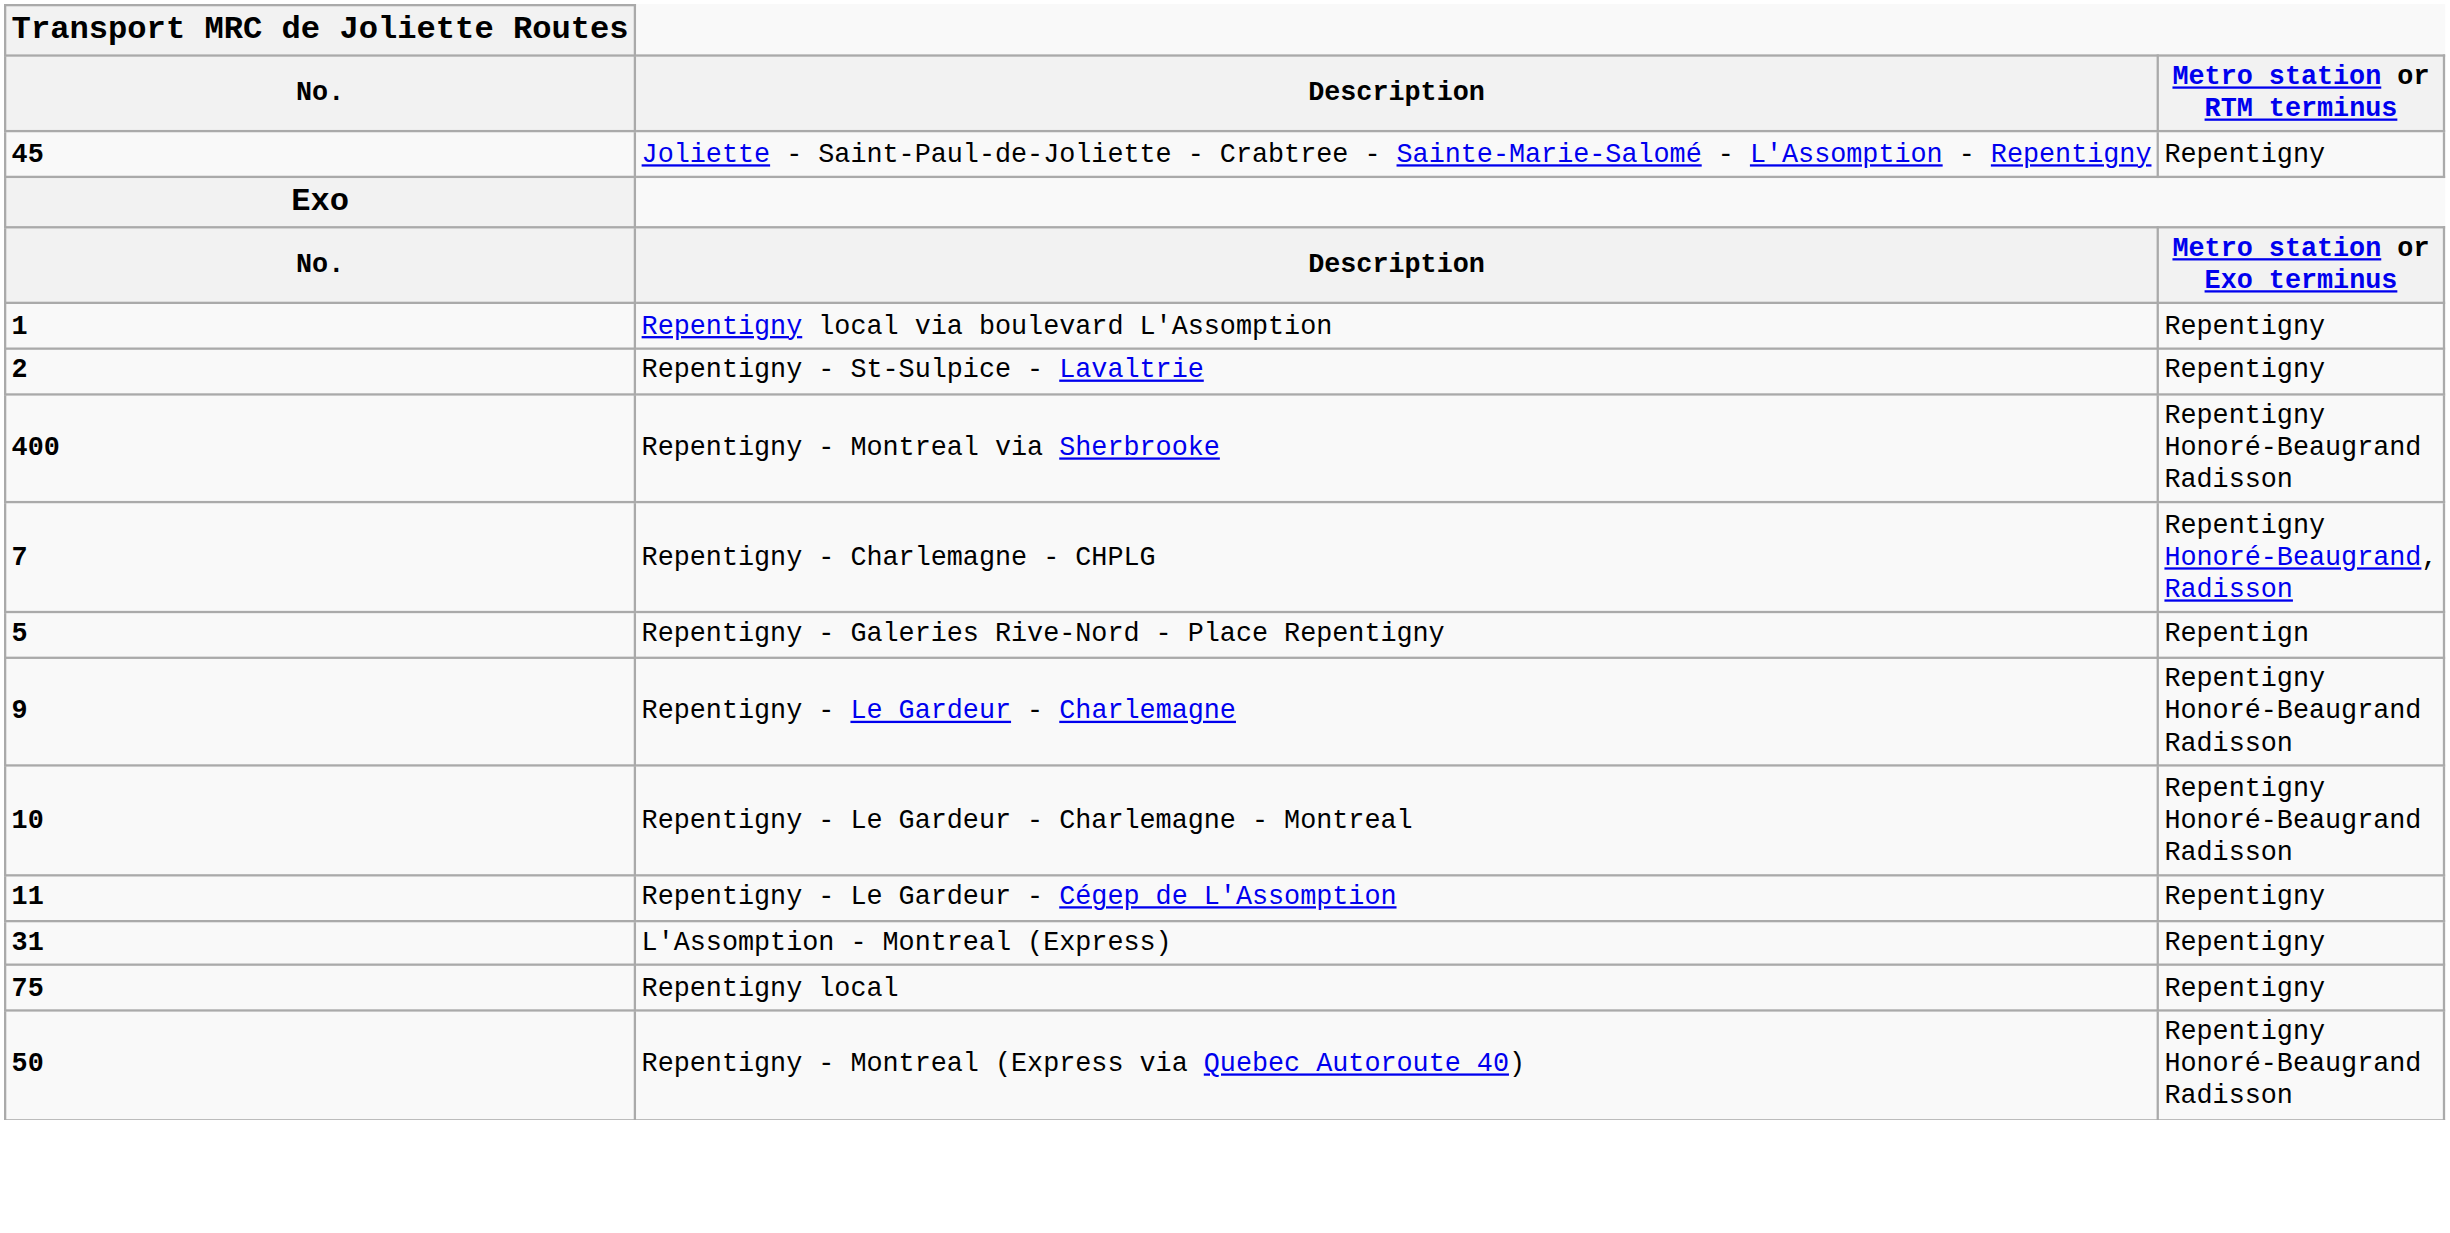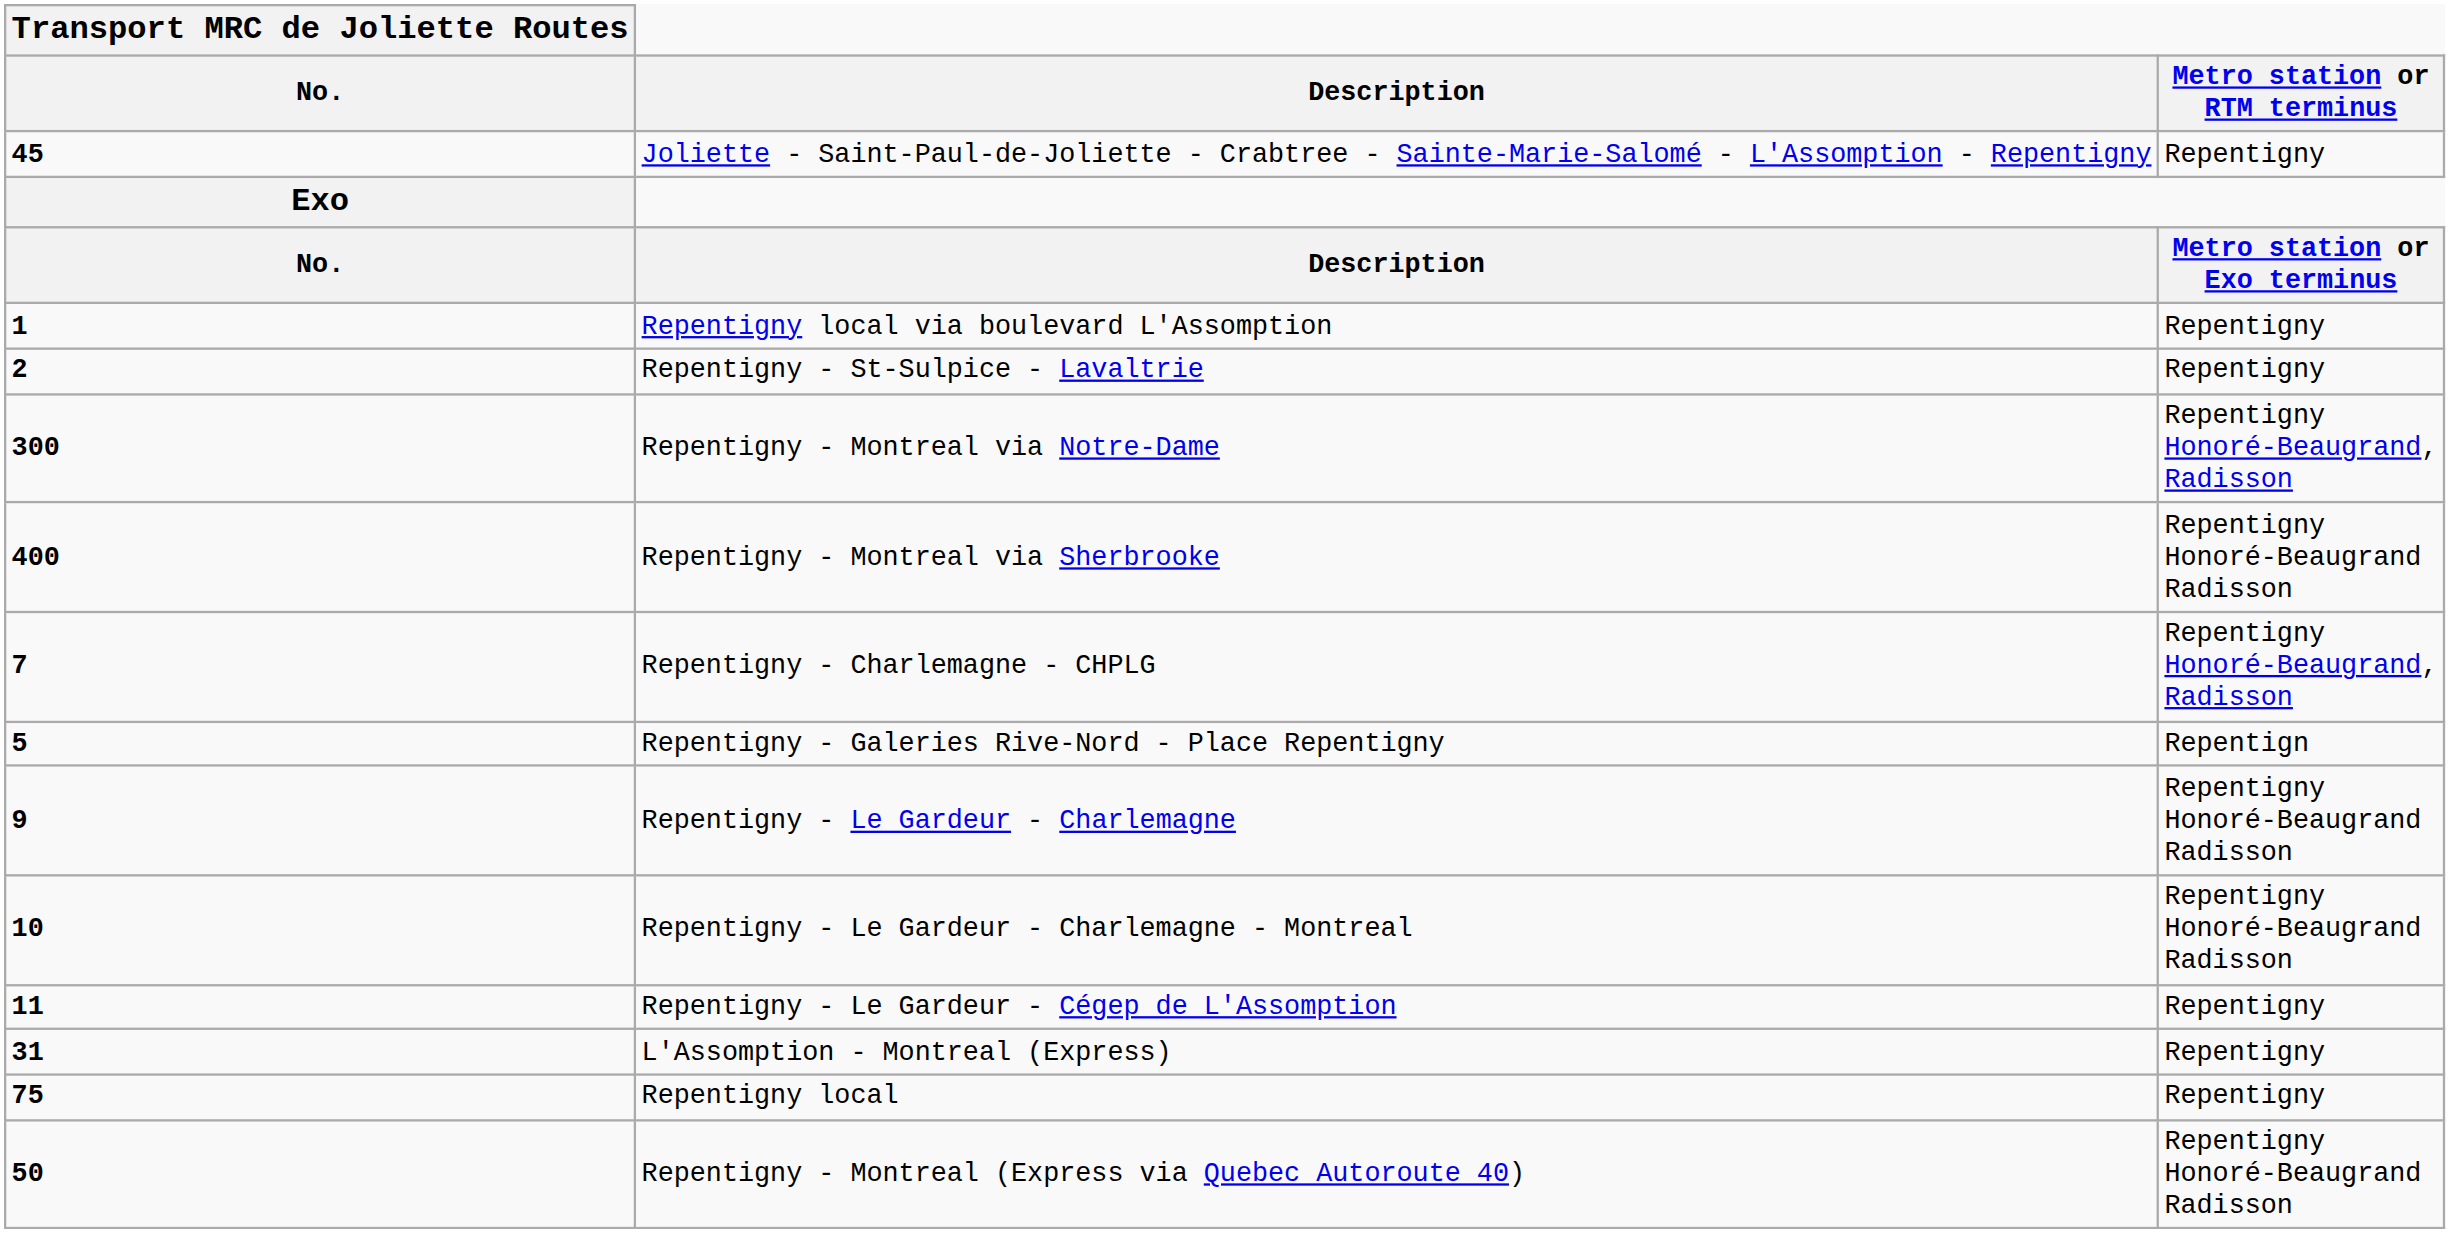 <table class="wikitable" style="font-size:90%; border:1px;">
 <tr>
 <th style="background: #"><big>Transport MRC de Joliette Routes</big></th>
 </tr>
 <tr>
 <th>No.</th>
 <th>Description</th>
 <th><a href='#'>Metro station</a> or<br> <a href='#'>RTM terminus</a></th>
 </tr>
 <tr>
 <td><strong>45</strong></td>
 <td><a href='#'>Joliette</a> - Saint-Paul-de-Joliette - Crabtree - <a href='#'>Sainte-Marie-Salomé</a> - <a href='#'>L'Assomption</a> - <a href='#'>Repentigny</a></td>
 <td>Repentigny</td>
 </tr>
 <tr>
 <th style="background: #"><big>Exo</big></th>
 </tr>
 <tr>
 <th>No.</th>
 <th>Description</th>
 <th><a href='#'>Metro station</a> or<br> <a href='#'>Exo terminus</a></th>
 </tr>
 <tr>
 <td><strong>1</strong></td>
 <td><a href='#'>Repentigny</a> local via boulevard L'Assomption</td>
 <td>Repentigny</td>
 </tr>
 <tr>
 <td><strong>2</strong></td>
 <td>Repentigny - St-Sulpice - <a href='#'>Lavaltrie</a></td>
 <td>Repentigny</td>
+</tr>
+<tr>
+<td><strong>300</strong></td>
+<td>Repentigny - Montreal via <a href='#'>Notre-Dame</a></td>
+<td>Repentigny<br> <a href='#'>Honoré-Beaugrand</a>,<br> <a href='#'>Radisson</a></td>
 </tr>
 <tr>
 <td><strong>400</strong></td>
 <td>Repentigny - Montreal via <a href='#'>Sherbrooke</a></td>
 <td>Repentigny<br> Honoré-Beaugrand <br> Radisson</td>
 </tr>
 <tr>
 <td><strong>7</strong></td>
 <td>Repentigny - Charlemagne - CHPLG</td>
 <td>Repentigny<br> <a href='#'>Honoré-Beaugrand</a>,<br> <a href='#'>Radisson</a></td>
 </tr>
 <tr>
 <td><strong>5</strong></td>
 <td>Repentigny - Galeries Rive-Nord - Place Repentigny</td>
 <td>Repentign</td>
 </tr>
 <tr>
 <td><strong>9</strong></td>
 <td>Repentigny - <a href='#'>Le Gardeur</a> - <a href='#'>Charlemagne</a></td>
 <td>Repentigny<br>Honoré-Beaugrand <br>Radisson</td>
 </tr>
 <tr>
 <td><strong>10</strong></td>
 <td>Repentigny - Le Gardeur - Charlemagne - Montreal</td>
 <td>Repentigny<br>Honoré-Beaugrand <br>Radisson</td>
 </tr>
 <tr>
 <td><strong>11</strong></td>
 <td>Repentigny - Le Gardeur - <a href='#'>Cégep de L'Assomption</a></td>
 <td>Repentigny</td>
 </tr>
 <tr>
 <td><strong>31</strong></td>
 <td>L'Assomption - Montreal (Express)</td>
 <td>Repentigny</td>
 </tr>
 <tr>
 <td><strong>75</strong></td>
 <td>Repentigny local</td>
 <td>Repentigny</td>
 </tr>
 <tr>
 <td><strong>50</strong></td>
 <td>Repentigny - Montreal (Express via <a href='#'>Quebec Autoroute 40</a>)</td>
 <td>Repentigny<br>Honoré-Beaugrand <br>Radisson</td>
 </tr>
 </table>
